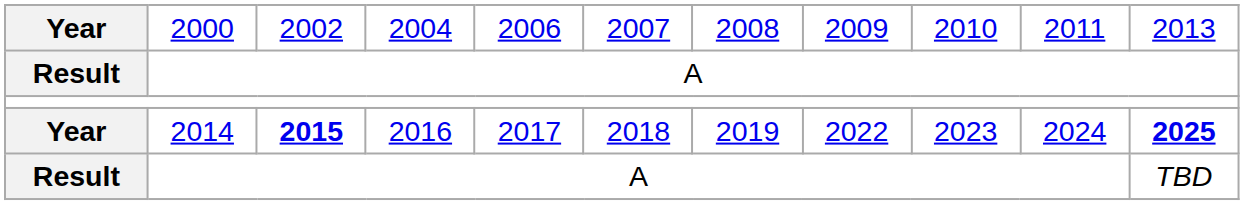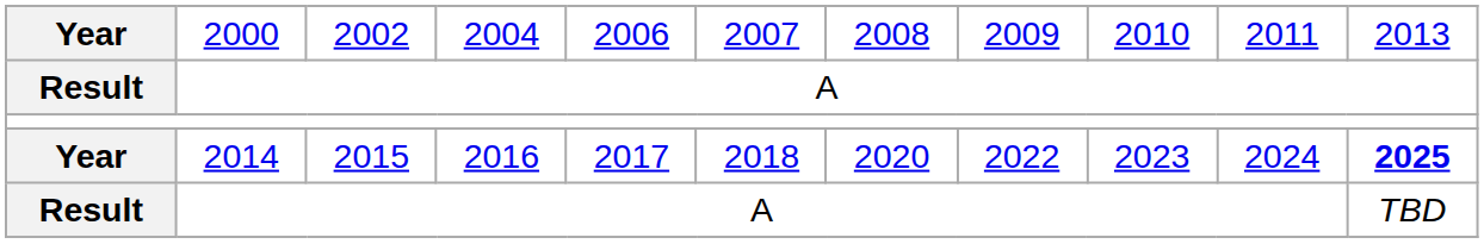 <table class="wikitable" style="text-align:center; font-size:90%; background:white;" width="100%">
 <tr>
 <th>Year</th>
 <td><a href='#'>2000</a></td>
 <td><a href='#'>2002</a></td>
 <td><a href='#'>2004</a></td>
 <td><a href='#'>2006</a></td>
 <td><a href='#'>2007</a></td>
 <td><a href='#'>2008</a></td>
 <td><a href='#'>2009</a></td>
 <td><a href='#'>2010</a></td>
 <td><a href='#'>2011</a></td>
 <td><a href='#'>2013</a></td>
 </tr>
 <tr>
 <th>Result</th>
 <td colspan="10">A</td>
 </tr>
 <tr>
 <td colspan="11"></td>
 </tr>
 <tr>
 <th>Year</th>
 <td><a href='#'>2014</a></td>
-<td><strong><a href='#'>2015</a></strong></td>
+<td><a href='#'>2015</a></td>
 <td><a href='#'>2016</a></td>
 <td><a href='#'>2017</a></td>
 <td><a href='#'>2018</a></td>
-<td><a href='#'>2019</a></td>
+<td><a href='#'>2020</a></td>
 <td><a href='#'>2022</a></td>
 <td><a href='#'>2023</a></td>
 <td><a href='#'>2024</a></td>
 <td><strong><a href='#'>2025</a></strong></td>
 </tr>
 <tr>
 <th>Result</th>
 <td colspan="9">A</td>
 <td><em>TBD</em></td>
 </tr>
 </table>
